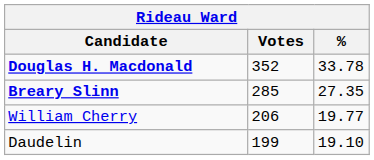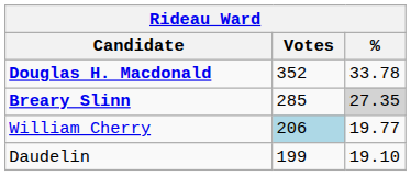 <table class="wikitable">
 <tr>
 <th colspan="3"><a href='#'>Rideau Ward</a></th>
 </tr>
 <tr>
 <th style="width: 200px">Candidate</th>
 <th style="width: 50px">Votes</th>
 <th style="width: 40px">%</th>
 </tr>
 <tr>
 <td><strong><a href='#'>Douglas H. Macdonald</a></strong></td>
 <td>352</td>
 <td>33.78</td>
 </tr>
 <tr>
 <td><strong><a href='#'>Breary Slinn</a></strong></td>
 <td>285</td>
-<td>27.35</td>
+<td style="background: lightgrey;">27.35</td>
 </tr>
 <tr>
 <td><a href='#'>William Cherry</a></td>
-<td>206</td>
+<td style="background: lightblue;">206</td>
 <td>19.77</td>
 </tr>
 <tr>
 <td>Daudelin</td>
 <td>199</td>
 <td>19.10</td>
 </tr>
 </table>
